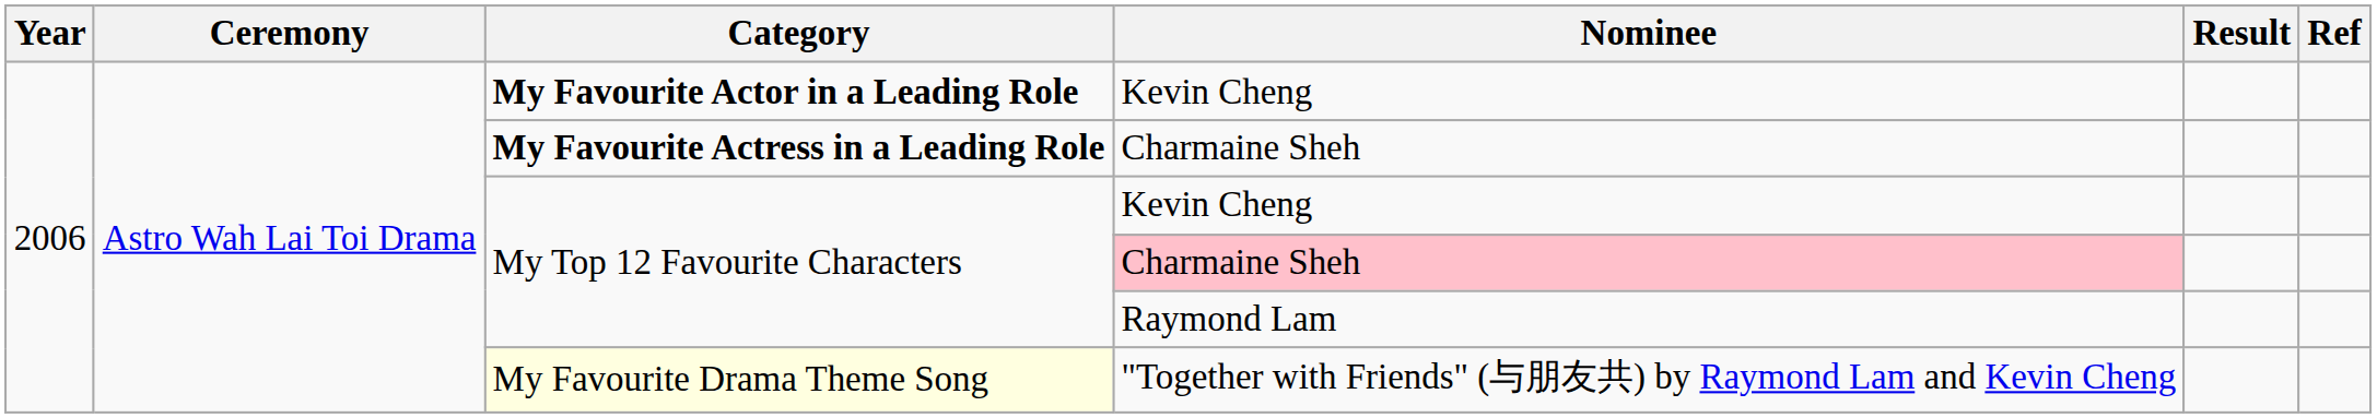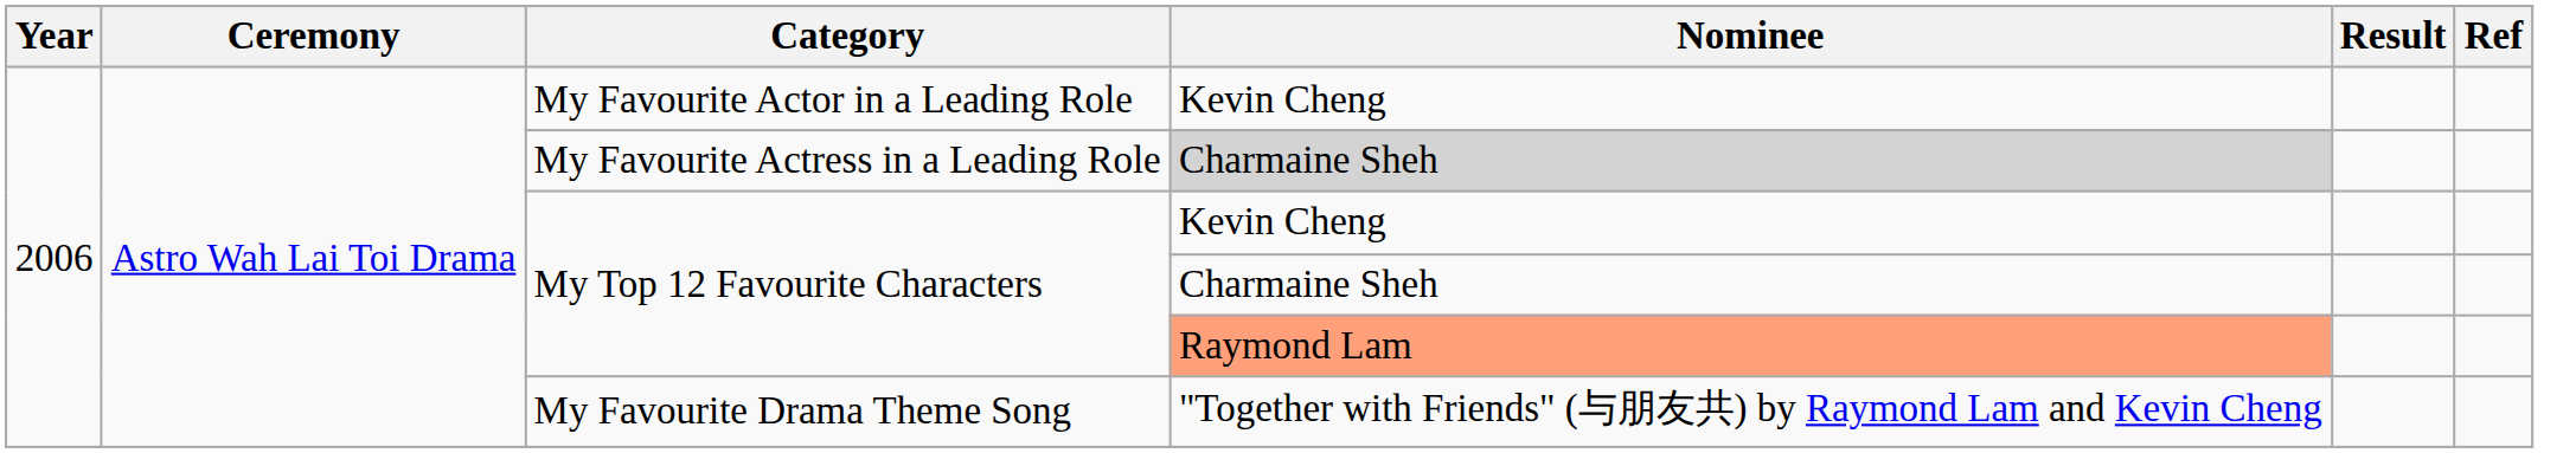 <table class="wikitable sortable">
 <tr>
 <th>Year</th>
 <th>Ceremony</th>
 <th>Category</th>
 <th>Nominee</th>
 <th>Result</th>
 <th class="unsortable">Ref</th>
 </tr>
 <tr>
 <td rowspan="6">2006</td>
 <td rowspan="6"><a href='#'>Astro Wah Lai Toi Drama</a></td>
-<td><strong>My Favourite Actor in a Leading Role</strong></td>
+<td>My Favourite Actor in a Leading Role</td>
 <td>Kevin Cheng </td>
 <td></td>
 <td></td>
 </tr>
 <tr>
-<td><strong>My Favourite Actress in a Leading Role</strong></td>
-<td>Charmaine Sheh  </td>
+<td>My Favourite Actress in a Leading Role</td>
+<td style="background: lightgrey;">Charmaine Sheh  </td>
 <td></td>
 <td></td>
 </tr>
 <tr>
 <td rowspan="3">My Top 12 Favourite Characters</td>
 <td>Kevin Cheng </td>
 <td></td>
 <td></td>
 </tr>
 <tr>
-<td style="background: pink;">Charmaine Sheh  </td>
+<td>Charmaine Sheh  </td>
 <td></td>
 <td></td>
 </tr>
 <tr>
-<td>Raymond Lam </td>
+<td style="background: lightsalmon;">Raymond Lam </td>
 <td></td>
 <td></td>
 </tr>
 <tr>
-<td style="background: lightyellow;">My Favourite Drama Theme Song</td>
+<td>My Favourite Drama Theme Song</td>
 <td>"Together with Friends" (与朋友共) by <a href='#'>Raymond Lam</a> and <a href='#'>Kevin Cheng</a></td>
 <td></td>
 <td></td>
 </tr>
 </table>
